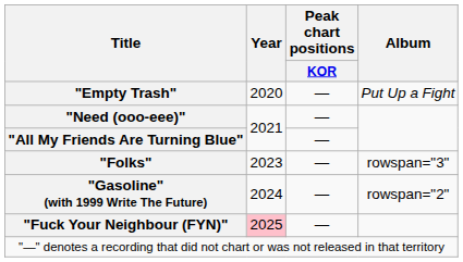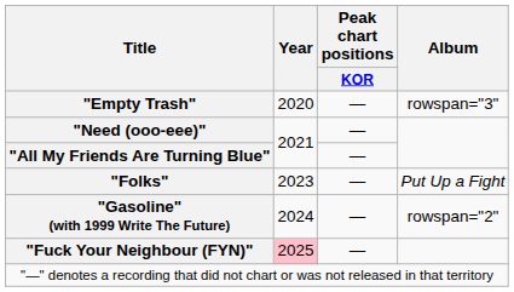 <table class="wikitable plainrowheaders" style="text-align:center">
 <tr>
 <th scope="col" rowspan="2">Title</th>
 <th scope="col" rowspan="2">Year</th>
 <th scope="col">Peak chart<br>positions</th>
 <th scope="col" rowspan="2">Album</th>
 </tr>
 <tr>
 <th scope="col" style="font-size:90%; width:2.5em"><a href='#'>KOR</a></th>
 </tr>
 <tr>
 <th scope="row">"Empty Trash"</th>
 <td>2020</td>
 <td>—</td>
-<td><em>Put Up a Fight</em></td>
+<td>rowspan="3" </td>
 </tr>
 <tr>
 <th scope="row">"Need (ooo-eee)"</th>
 <td rowspan="2">2021</td>
 <td>—</td>
 </tr>
 <tr>
 <th scope="row">"All My Friends Are Turning Blue"</th>
 <td>—</td>
 </tr>
 <tr>
 <th scope="row">"Folks"</th>
 <td>2023</td>
 <td>—</td>
-<td>rowspan="3" </td>
+<td><em>Put Up a Fight</em></td>
 </tr>
 <tr>
 <th scope="row">"Gasoline"<br><small>(with 1999 Write The Future)</small></th>
 <td>2024</td>
 <td>—</td>
 <td>rowspan="2" </td>
 </tr>
 <tr>
 <th scope="row">"Fuck Your Neighbour (FYN)"</th>
 <td style="background: pink;">2025</td>
 <td>—</td>
 </tr>
 <tr>
 <td colspan="4" style="font-size:85%">"—" denotes a recording that did not chart or was not released in that territory</td>
 </tr>
 </table>
